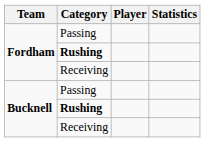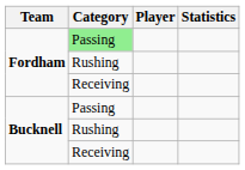 <table class="wikitable" style="float: right;">
 <tr>
 <th>Team</th>
 <th>Category</th>
 <th>Player</th>
 <th>Statistics</th>
 </tr>
 <tr>
 <td rowspan=3><strong>Fordham</strong></td>
-<td>Passing</td>
+<td style="background: lightgreen;">Passing</td>
 <td></td>
 <td></td>
 </tr>
 <tr>
-<td><strong>Rushing</strong></td>
+<td>Rushing</td>
 <td></td>
 <td></td>
 </tr>
 <tr>
 <td>Receiving</td>
 <td></td>
 <td></td>
 </tr>
 <tr>
 <td rowspan=3><strong>Bucknell</strong></td>
 <td>Passing</td>
 <td></td>
 <td></td>
 </tr>
 <tr>
-<td><strong>Rushing</strong></td>
+<td>Rushing</td>
 <td></td>
 <td></td>
 </tr>
 <tr>
 <td>Receiving</td>
 <td></td>
 <td></td>
 </tr>
 </table>
